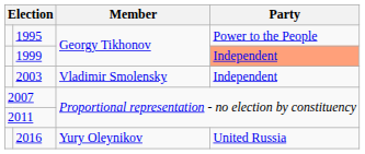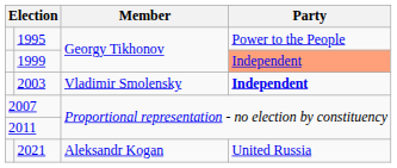 <table class="wikitable">
 <tr>
 <th colspan="2">Election</th>
 <th>Member</th>
 <th>Party</th>
 </tr>
 <tr>
 <td style="background-color:"></td>
 <td><a href='#'>1995</a></td>
 <td rowspan=2><a href='#'>Georgy Tikhonov</a></td>
 <td><a href='#'>Power to the People</a></td>
 </tr>
 <tr>
 <td style="background-color:"></td>
 <td><a href='#'>1999</a></td>
 <td style="background: lightsalmon;"><a href='#'>Independent</a></td>
 </tr>
 <tr>
 <td style="background-color:"></td>
 <td><a href='#'>2003</a></td>
 <td><a href='#'>Vladimir Smolensky</a></td>
-<td><a href='#'>Independent</a></td>
+<td><strong><a href='#'>Independent</a></strong></td>
 </tr>
 <tr>
 <td colspan=2><a href='#'>2007</a></td>
 <td colspan=2 rowspan=2><em><a href='#'>Proportional representation</a> - no election by constituency</em></td>
 </tr>
 <tr>
 <td colspan=2><a href='#'>2011</a></td>
 </tr>
 <tr>
 <td style="background-color:"></td>
-<td><a href='#'>2016</a></td>
-<td><a href='#'>Yury Oleynikov</a></td>
+<td><a href='#'>2021</a></td>
+<td><a href='#'>Aleksandr Kogan</a></td>
 <td><a href='#'>United Russia</a></td>
 </tr>
 </table>
